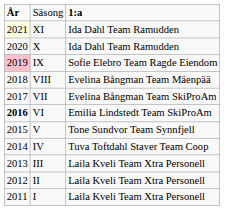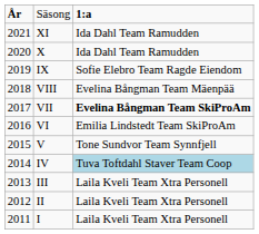 <table class="wikitable sortable">
 <tr>
 <td><strong>År</strong></td>
 <td>Säsong</td>
 <td><strong>1:a</strong></td>
 </tr>
 <tr>
-<td style="background: lightyellow;">2021</td>
+<td>2021</td>
 <td>XI</td>
 <td>Ida Dahl Team Ramudden</td>
 </tr>
 <tr>
 <td>2020</td>
 <td>X</td>
 <td>Ida Dahl Team Ramudden</td>
 </tr>
 <tr>
-<td style="background: pink;">2019</td>
+<td>2019</td>
 <td>IX</td>
 <td>Sofie Elebro Team Ragde Eiendom</td>
 </tr>
 <tr>
 <td>2018</td>
 <td>VIII</td>
 <td>Evelina Bångman Team Mäenpää</td>
 </tr>
 <tr>
 <td>2017</td>
 <td>VII</td>
-<td>Evelina Bångman Team SkiProAm</td>
+<td><strong>Evelina Bångman Team SkiProAm</strong></td>
 </tr>
 <tr>
-<td><strong>2016</strong></td>
+<td>2016</td>
 <td>VI</td>
 <td>Emilia Lindstedt Team SkiProAm</td>
 </tr>
 <tr>
 <td>2015</td>
 <td>V</td>
 <td>Tone Sundvor Team Synnfjell</td>
 </tr>
 <tr>
 <td>2014</td>
 <td>IV</td>
-<td>Tuva Toftdahl Staver Team Coop</td>
+<td style="background: lightblue;">Tuva Toftdahl Staver Team Coop</td>
 </tr>
 <tr>
 <td>2013</td>
 <td>III</td>
 <td>Laila Kveli Team Xtra Personell</td>
 </tr>
 <tr>
 <td>2012</td>
 <td>II</td>
 <td>Laila Kveli Team Xtra Personell</td>
 </tr>
 <tr>
 <td>2011</td>
 <td>I</td>
 <td>Laila Kveli Team Xtra Personell</td>
 </tr>
 </table>
